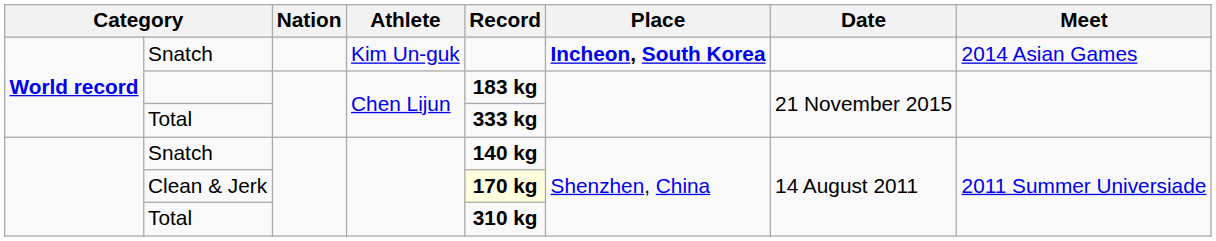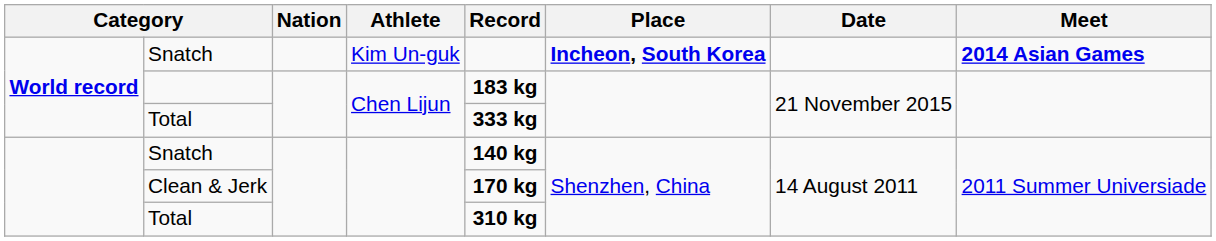 <table class="wikitable" style="text-align:center;">
 <tr>
 <th colspan="2">Category</th>
 <th>Nation</th>
 <th>Athlete</th>
 <th>Record</th>
 <th>Place</th>
 <th>Date</th>
 <th>Meet</th>
 </tr>
 <tr>
 <td rowspan="3"><strong><a href='#'>World record</a></strong></td>
 <td align="left">Snatch</td>
 <td align="left"></td>
 <td align="left"><a href='#'>Kim Un-guk</a></td>
 <td><strong></strong></td>
 <td align="left"><strong><a href='#'>Incheon</a>, <a href='#'>South Korea</a></strong></td>
 <td align="left"></td>
-<td align="left"><a href='#'>2014 Asian Games</a></td>
+<td align="left"><strong><a href='#'>2014 Asian Games</a></strong></td>
 </tr>
 <tr>
 <td align="left"></td>
 <td align="left" rowspan="2"></td>
 <td align="left" rowspan="2"><a href='#'>Chen Lijun</a></td>
 <td><strong>183 kg</strong></td>
 <td align="left" rowspan="2"></td>
 <td align="left" rowspan="2">21 November 2015</td>
 <td align="left" rowspan="2"></td>
 </tr>
 <tr>
 <td align="left">Total</td>
 <td><strong>333 kg</strong></td>
 </tr>
 <tr>
 <td rowspan="3"><strong></strong></td>
 <td align="left">Snatch</td>
 <td align="left" rowspan="3"></td>
 <td align="left" rowspan="3"></td>
 <td><strong>140 kg</strong></td>
 <td align="left" rowspan="3"><a href='#'>Shenzhen</a>, <a href='#'>China</a></td>
 <td align="left" rowspan="3">14 August 2011</td>
 <td align="left" rowspan="3"><a href='#'>2011 Summer Universiade</a></td>
 </tr>
 <tr>
 <td align="left">Clean & Jerk</td>
-<td style="background: lightyellow;"><strong>170 kg</strong></td>
+<td><strong>170 kg</strong></td>
 </tr>
 <tr>
 <td align="left">Total</td>
 <td><strong>310 kg</strong></td>
 </tr>
 </table>
